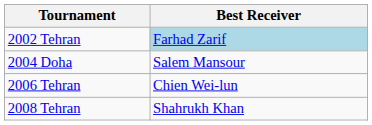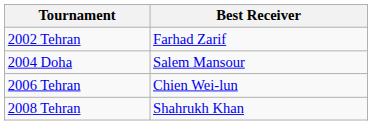 <table class=wikitable style="width: 400px;">
 <tr>
 <th style="width: 40%;">Tournament</th>
 <th style="width: 60%;">Best Receiver</th>
 </tr>
 <tr>
 <td><a href='#'>2002 Tehran</a></td>
-<td style="background: lightblue;"> <a href='#'>Farhad Zarif</a></td>
+<td> <a href='#'>Farhad Zarif</a></td>
 </tr>
 <tr>
 <td><a href='#'>2004 Doha</a></td>
 <td> <a href='#'>Salem Mansour</a></td>
 </tr>
 <tr>
 <td><a href='#'>2006 Tehran</a></td>
 <td> <a href='#'>Chien Wei-lun</a></td>
 </tr>
 <tr>
 <td><a href='#'>2008 Tehran</a></td>
 <td> <a href='#'>Shahrukh Khan</a></td>
 </tr>
 </table>
